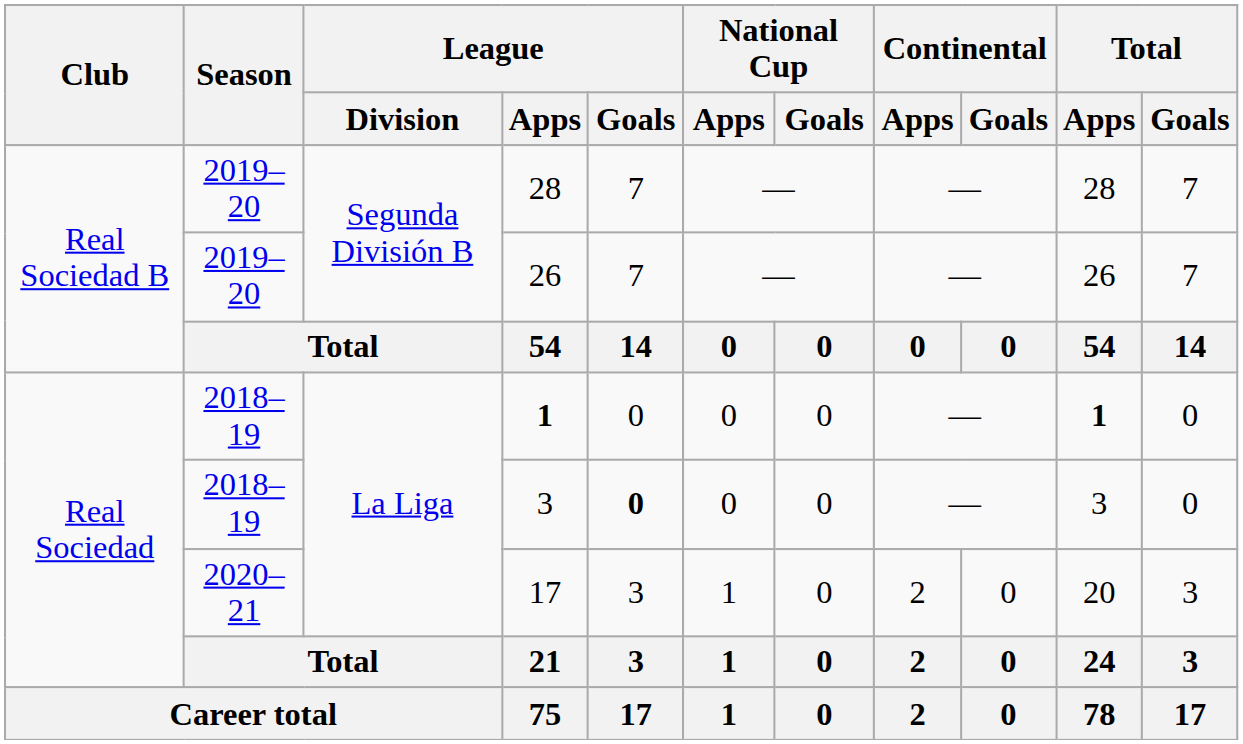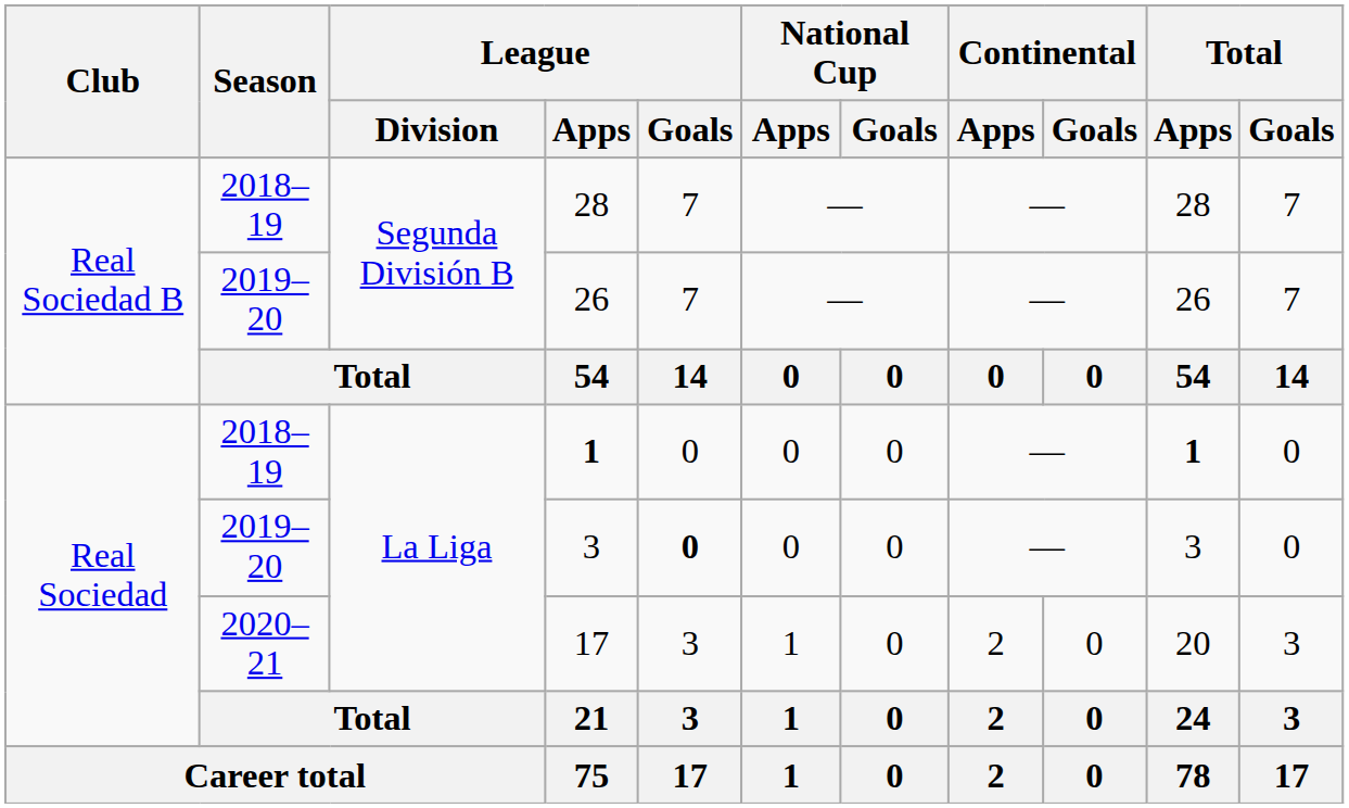 <table class="wikitable" style="text-align:center">
 <tr>
 <th rowspan="2">Club</th>
 <th rowspan="2">Season</th>
 <th colspan="3">League</th>
 <th colspan="2">National Cup</th>
 <th colspan="2">Continental</th>
 <th colspan="2">Total</th>
 </tr>
 <tr>
 <th>Division</th>
 <th>Apps</th>
 <th>Goals</th>
 <th>Apps</th>
 <th>Goals</th>
 <th>Apps</th>
 <th>Goals</th>
 <th>Apps</th>
 <th>Goals</th>
 </tr>
 <tr>
 <td rowspan="3"><a href='#'>Real Sociedad B</a></td>
-<td><a href='#'>2019–20</a></td>
+<td><a href='#'>2018–19</a></td>
 <td rowspan="2"><a href='#'>Segunda División B</a></td>
 <td>28</td>
 <td>7</td>
 <td colspan="2">—</td>
 <td colspan="2">—</td>
 <td>28</td>
 <td>7</td>
 </tr>
 <tr>
 <td><a href='#'>2019–20</a></td>
 <td>26</td>
 <td>7</td>
 <td colspan="2">—</td>
 <td colspan="2">—</td>
 <td>26</td>
 <td>7</td>
 </tr>
 <tr>
 <th colspan="2">Total</th>
 <th>54</th>
 <th>14</th>
 <th>0</th>
 <th>0</th>
 <th>0</th>
 <th>0</th>
 <th>54</th>
 <th>14</th>
 </tr>
 <tr>
 <td rowspan="4"><a href='#'>Real Sociedad</a></td>
 <td><a href='#'>2018–19</a></td>
 <td rowspan="3"><a href='#'>La Liga</a></td>
 <td><strong>1</strong></td>
 <td>0</td>
 <td>0</td>
 <td>0</td>
 <td colspan="2">—</td>
 <td><strong>1</strong></td>
 <td>0</td>
 </tr>
 <tr>
-<td><a href='#'>2018–19</a></td>
+<td><a href='#'>2019–20</a></td>
 <td>3</td>
 <td><strong>0</strong></td>
 <td>0</td>
 <td>0</td>
 <td colspan="2">—</td>
 <td>3</td>
 <td>0</td>
 </tr>
 <tr>
 <td><a href='#'>2020–21</a></td>
 <td>17</td>
 <td>3</td>
 <td>1</td>
 <td>0</td>
 <td>2</td>
 <td>0</td>
 <td>20</td>
 <td>3</td>
 </tr>
 <tr>
 <th colspan="2">Total</th>
 <th>21</th>
 <th>3</th>
 <th>1</th>
 <th>0</th>
 <th>2</th>
 <th>0</th>
 <th>24</th>
 <th>3</th>
 </tr>
 <tr>
 <th colspan="3">Career total</th>
 <th>75</th>
 <th>17</th>
 <th>1</th>
 <th>0</th>
 <th>2</th>
 <th>0</th>
 <th>78</th>
 <th>17</th>
 </tr>
 </table>
